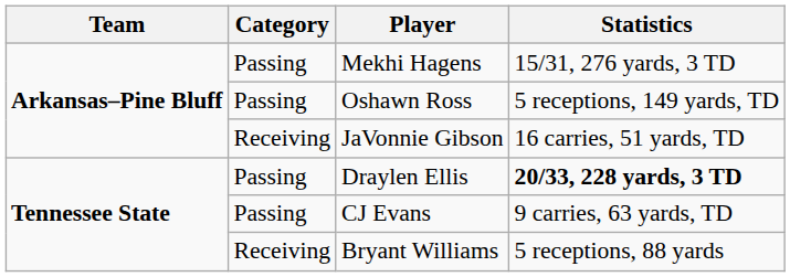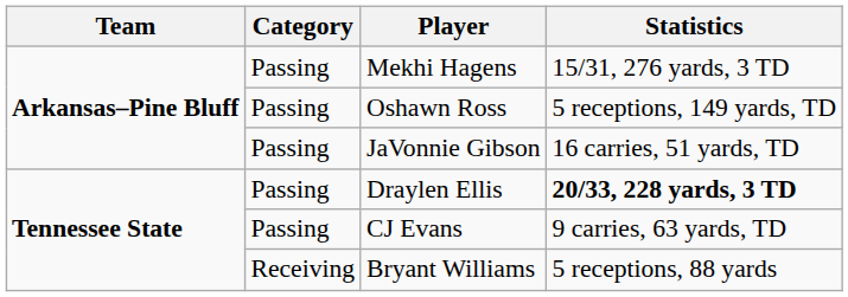 <table class="wikitable" style="float: right;">
 <tr>
 <th>Team</th>
 <th>Category</th>
 <th>Player</th>
 <th>Statistics</th>
 </tr>
 <tr>
 <td rowspan=3><strong>Arkansas–Pine Bluff</strong></td>
 <td>Passing</td>
 <td>Mekhi Hagens</td>
 <td>15/31, 276 yards, 3 TD</td>
 </tr>
 <tr>
 <td>Passing</td>
 <td>Oshawn Ross</td>
 <td>5 receptions, 149 yards, TD</td>
 </tr>
 <tr>
-<td>Receiving</td>
+<td>Passing</td>
 <td>JaVonnie Gibson</td>
 <td>16 carries, 51 yards, TD</td>
 </tr>
 <tr>
 <td rowspan=3><strong>Tennessee State</strong></td>
 <td>Passing</td>
 <td>Draylen Ellis</td>
 <td><strong>20/33, 228 yards, 3 TD</strong></td>
 </tr>
 <tr>
 <td>Passing</td>
 <td>CJ Evans</td>
 <td>9 carries, 63 yards, TD</td>
 </tr>
 <tr>
 <td>Receiving</td>
 <td>Bryant Williams</td>
 <td>5 receptions, 88 yards</td>
 </tr>
 </table>
